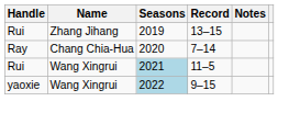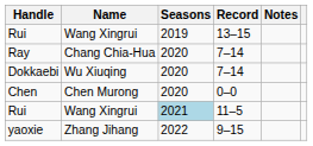 <table class="wikitable">
 <tr>
 <th style="background:#">Handle</th>
 <th style="background:#">Name</th>
 <th style="background:#">Seasons</th>
 <th style="background:#">Record</th>
 <th style="background:#">Notes</th>
 <th style="background:#"></th>
 </tr>
 <tr>
 <td>Rui</td>
-<td>Zhang Jihang</td>
+<td>Wang Xingrui</td>
 <td>2019</td>
 <td>13–15 </td>
 <td></td>
 <td></td>
 </tr>
 <tr>
 <td>Ray</td>
 <td>Chang Chia-Hua</td>
 <td>2020</td>
 <td>7–14 </td>
 <td></td>
 <td></td>
 </tr>
 <tr>
+<td>Dokkaebi</td>
+<td>Wu Xiuqing</td>
+<td>2020</td>
+<td>7–14 </td>
+<td></td>
+<td></td>
+</tr>
+<tr>
+<td>Chen</td>
+<td>Chen Murong</td>
+<td>2020</td>
+<td>0–0 </td>
+<td></td>
+<td></td>
+</tr>
+<tr>
 <td>Rui</td>
 <td>Wang Xingrui</td>
 <td style="background: lightblue;">2021</td>
 <td>11–5 </td>
 <td></td>
 <td></td>
 </tr>
 <tr>
 <td>yaoxie</td>
-<td>Wang Xingrui</td>
-<td style="background: lightblue;">2022</td>
+<td>Zhang Jihang</td>
+<td>2022</td>
 <td>9–15 </td>
 <td></td>
 <td></td>
 </tr>
 </table>
